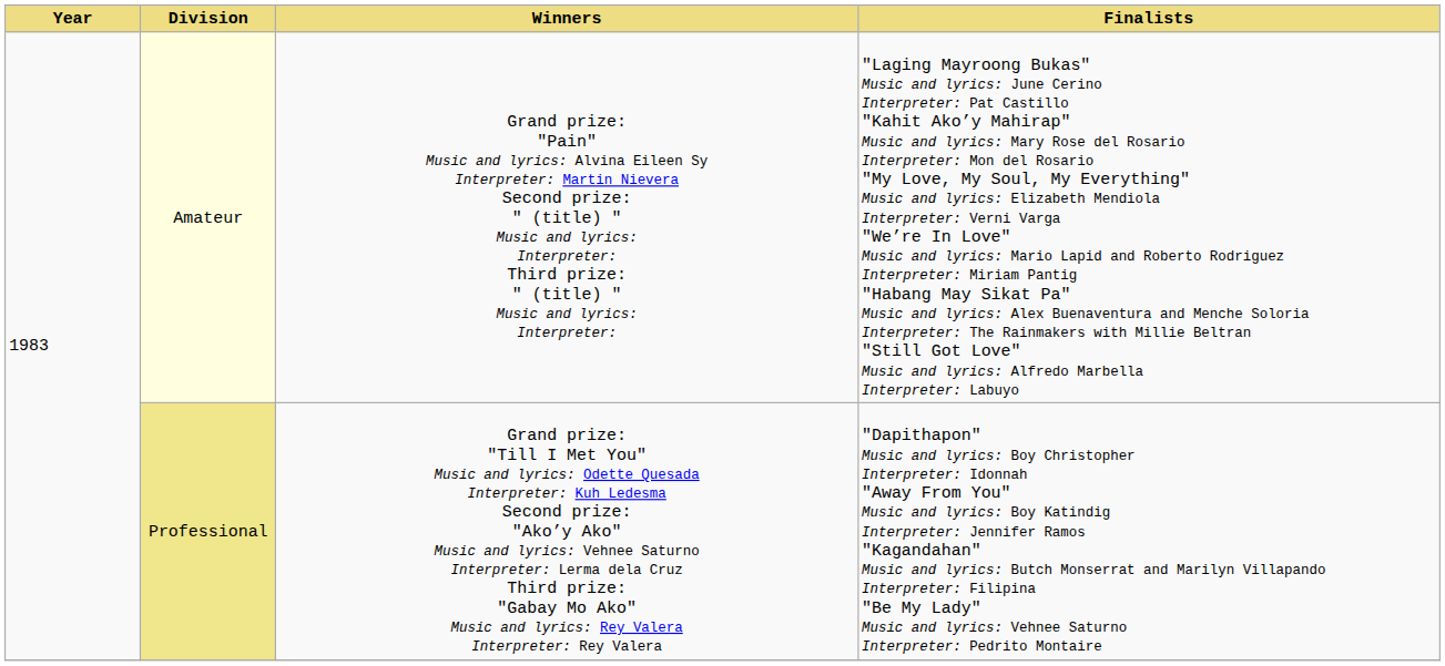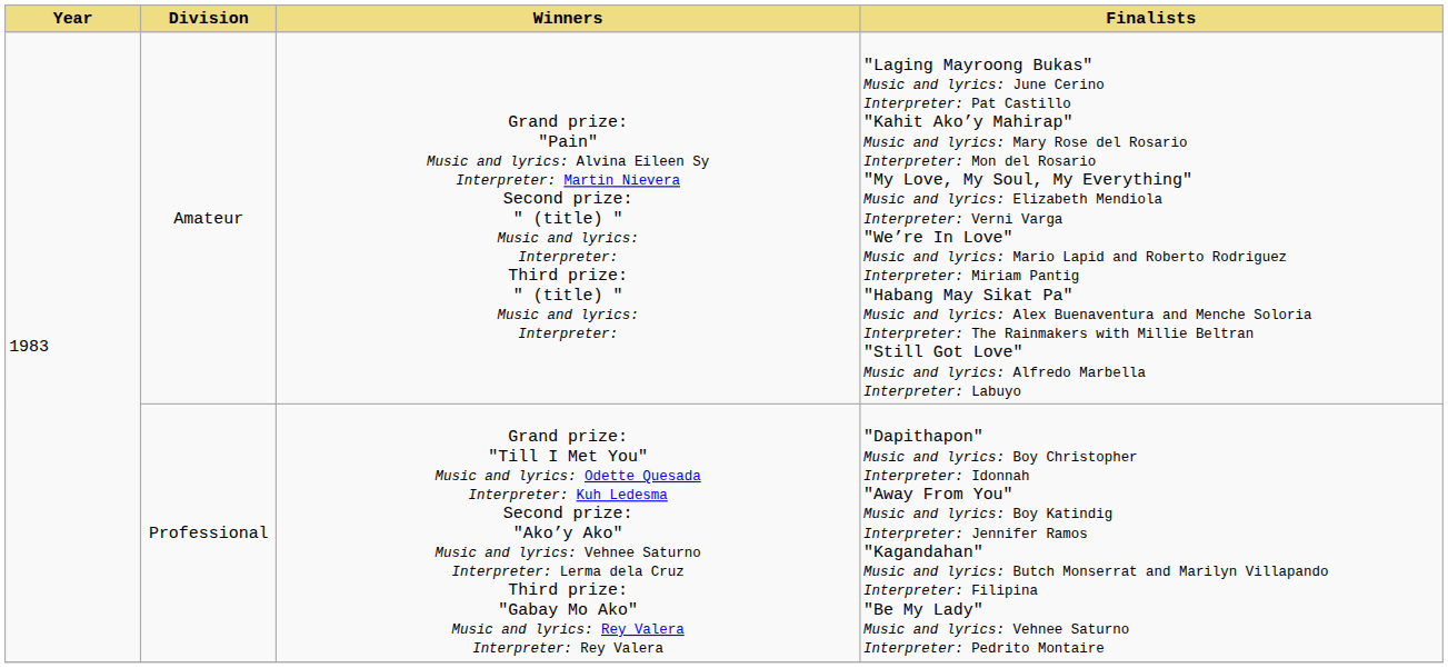 <table class="wikitable" border="1">
 <tr align=center bgcolor=lavender>
 <th style="background:#EEDD82;" width=100>Year</th>
 <th style="background:#EEDD82;" width=100>Division</th>
 <th style="background:#EEDD82;" width=450>Winners</th>
 <th style="background:#EEDD82;" width=450>Finalists</th>
 </tr>
 <tr>
 <td rowspan=2>1983</td>
-<td align="center" valign="center" style="background: lightyellow;">Amateur</td>
+<td align="center" valign="center">Amateur</td>
 <td align="center" valign="center"><br>Grand prize:<br>  "Pain"<br> <small><em>Music and lyrics:</em> Alvina Eileen Sy<br> <em>Interpreter:</em> <a href='#'>Martin Nievera</a></small><br>Second prize:<br> " (title) "<br> <small><em>Music and lyrics:</em> <br> <em>Interpreter:</em> </small><br>Third prize:<br> " (title) "<br> <small><em>Music and lyrics:</em> <br> <em>Interpreter:</em> </small></td>
 <td><br>"Laging Mayroong Bukas"<br> <small><em>Music and lyrics:</em> June Cerino<br> <em>Interpreter:</em> Pat Castillo</small><br>"Kahit Ako’y Mahirap"<br> <small><em>Music and lyrics:</em> Mary Rose del Rosario<br> <em>Interpreter:</em> Mon del Rosario</small><br>"My Love, My Soul, My Everything"<br> <small><em>Music and lyrics:</em> Elizabeth Mendiola<br> <em>Interpreter:</em>  Verni Varga</small><br>"We’re In Love"<br> <small><em>Music and lyrics:</em> Mario Lapid and Roberto Rodriguez<br> <em>Interpreter:</em> Miriam Pantig</small><br>"Habang May Sikat Pa"<br> <small><em>Music and lyrics:</em> Alex Buenaventura and Menche Soloria<br> <em>Interpreter:</em> The Rainmakers with Millie Beltran</small><br>"Still Got Love"<br> <small><em>Music and lyrics:</em> Alfredo Marbella<br> <em>Interpreter:</em> Labuyo</small></td>
 </tr>
 <tr>
-<td align="center" valign="center" style="background: khaki;">Professional</td>
+<td align="center" valign="center">Professional</td>
 <td align="center" valign="center"><br>Grand prize:<br>  "Till I Met You"<br> <small><em>Music and lyrics:</em> <a href='#'>Odette Quesada</a><br> <em>Interpreter:</em> <a href='#'>Kuh Ledesma</a></small><br>Second prize:<br> "Ako’y Ako"<br> <small><em>Music and lyrics:</em> Vehnee Saturno<br> <em>Interpreter:</em> Lerma dela Cruz</small><br>Third prize:<br> "Gabay Mo Ako"<br> <small><em>Music and lyrics:</em> <a href='#'>Rey Valera</a><br> <em>Interpreter:</em> Rey Valera</small></td>
 <td><br>"Dapithapon"<br> <small><em>Music and lyrics:</em> Boy Christopher<br> <em>Interpreter:</em> Idonnah</small><br>"Away From You"<br> <small><em>Music and lyrics:</em> Boy Katindig<br> <em>Interpreter:</em> Jennifer Ramos</small><br>"Kagandahan"<br> <small><em>Music and lyrics:</em> Butch Monserrat and Marilyn Villapando<br> <em>Interpreter:</em> Filipina</small><br>"Be My Lady"<br> <small><em>Music and lyrics:</em> Vehnee Saturno<br> <em>Interpreter:</em> Pedrito Montaire</small></td>
 </tr>
 <tr>
 </tr>
 </table>
